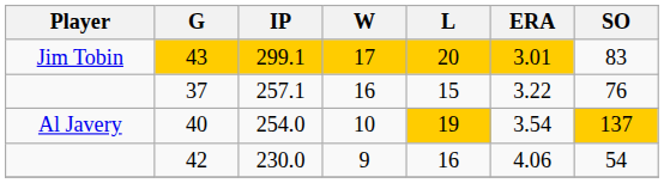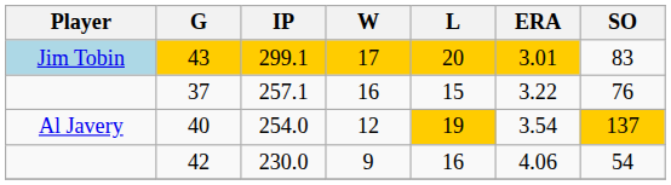 <table class="wikitable sortable">
 <tr>
 <th bgcolor="#DDDDFF" width="16%">Player</th>
 <th bgcolor="#DDDDFF" width="9%">G</th>
 <th bgcolor="#DDDDFF" width="9%">IP</th>
 <th bgcolor="#DDDDFF" width="9%">W</th>
 <th bgcolor="#DDDDFF" width="9%">L</th>
 <th bgcolor="#DDDDFF" width="9%">ERA</th>
 <th bgcolor="#DDDDFF" width="9%">SO</th>
 </tr>
 <tr align="center">
-<td><a href='#'>Jim Tobin</a></td>
+<td style="background: lightblue;"><a href='#'>Jim Tobin</a></td>
 <td style="background:#fc0;">43</td>
 <td style="background:#fc0;">299.1</td>
 <td style="background:#fc0;">17</td>
 <td style="background:#fc0;">20</td>
 <td style="background:#fc0;">3.01</td>
 <td>83</td>
 </tr>
 <tr align=center>
 <td></td>
 <td>37</td>
 <td>257.1</td>
 <td>16</td>
 <td>15</td>
 <td>3.22</td>
 <td>76</td>
 </tr>
 <tr align="center">
 <td><a href='#'>Al Javery</a></td>
 <td>40</td>
 <td>254.0</td>
-<td>10</td>
+<td>12</td>
 <td style="background:#fc0;">19</td>
 <td>3.54</td>
 <td style="background:#fc0;">137</td>
 </tr>
 <tr align=center>
 <td></td>
 <td>42</td>
 <td>230.0</td>
 <td>9</td>
 <td>16</td>
 <td>4.06</td>
 <td>54</td>
 </tr>
 <tr align="center">
 </tr>
 </table>
